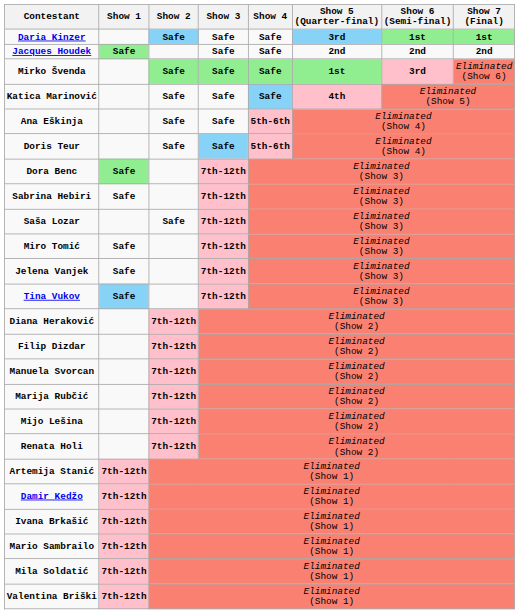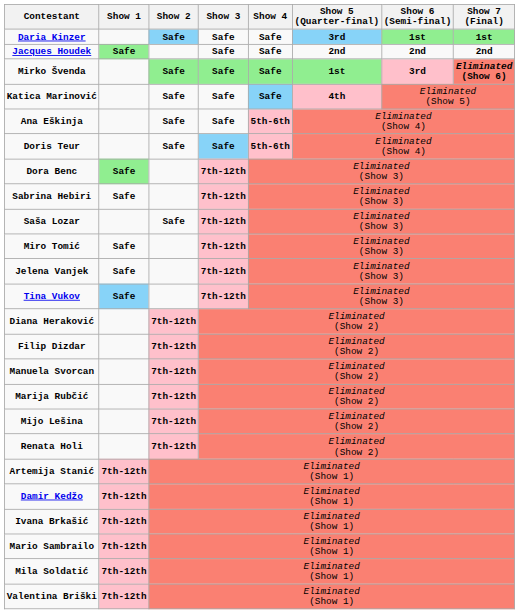 <table class="wikitable" style="text-align:center; font-size:85%">
 <tr>
 <th>Contestant</th>
 <th>Show 1</th>
 <th>Show 2</th>
 <th>Show 3</th>
 <th>Show 4</th>
 <th>Show 5<br>(Quarter-final)</th>
 <th>Show 6<br>(Semi-final)</th>
 <th>Show 7<br>(Final)</th>
 </tr>
 <tr>
 <td><strong><a href='#'>Daria Kinzer</a></strong></td>
 <td></td>
 <td style="background:#87D3F8"><strong>Safe</strong></td>
 <td><strong>Safe</strong></td>
 <td><strong>Safe</strong></td>
 <td style="background:#87D3F8"><strong>3rd</strong></td>
 <td style="background:lightgreen"><strong>1st</strong></td>
 <td style="background:lightgreen"><strong>1st</strong></td>
 </tr>
 <tr>
 <td><strong><a href='#'>Jacques Houdek</a></strong></td>
 <td style="background:lightgreen"><strong>Safe</strong></td>
 <td></td>
 <td><strong>Safe</strong></td>
 <td><strong>Safe</strong></td>
 <td><strong>2nd</strong></td>
 <td><strong>2nd</strong></td>
 <td><strong>2nd</strong></td>
 </tr>
 <tr>
 <td><strong>Mirko Švenda</strong></td>
 <td></td>
 <td style="background:lightgreen"><strong>Safe</strong></td>
 <td style="background:lightgreen"><strong>Safe</strong></td>
 <td style="background:lightgreen"><strong>Safe</strong></td>
 <td style="background:lightgreen"><strong>1st</strong></td>
 <td style="background:pink"><strong>3rd</strong></td>
-<td colspan="1" style="background:#FA8072"><em>Eliminated</em><br>(Show 6)</td>
+<td colspan="1" style="background:#FA8072"><strong><em>Eliminated</em><br>(Show 6)</strong></td>
 </tr>
 <tr>
 <td><strong>Katica Marinović</strong></td>
 <td></td>
 <td><strong>Safe</strong></td>
 <td><strong>Safe</strong></td>
 <td style="background:#87D3F8"><strong>Safe</strong></td>
 <td style="background:pink"><strong>4th</strong></td>
 <td colspan="2" style="background:#FA8072"><em>Eliminated</em><br>(Show 5)</td>
 </tr>
 <tr>
 <td><strong>Ana Eškinja</strong></td>
 <td></td>
 <td><strong>Safe</strong></td>
 <td><strong>Safe</strong></td>
 <td style="background:pink"><strong>5th-6th</strong></td>
 <td colspan="3" style="background:#FA8072"><em>Eliminated</em><br>(Show 4)</td>
 </tr>
 <tr>
 <td><strong>Doris Teur</strong></td>
 <td></td>
 <td><strong>Safe</strong></td>
 <td style="background:#87D3F8"><strong>Safe</strong></td>
 <td style="background:pink"><strong>5th-6th</strong></td>
 <td colspan="3" style="background:#FA8072"><em>Eliminated</em><br>(Show 4)</td>
 </tr>
 <tr>
 <td><strong>Dora Benc</strong></td>
 <td style="background: lightgreen;"><strong>Safe</strong></td>
 <td></td>
 <td style="background:pink"><strong>7th-12th</strong></td>
 <td colspan="4" style="background:#FA8072"><em>Eliminated</em><br>(Show 3)</td>
 </tr>
 <tr>
 <td><strong>Sabrina Hebiri</strong></td>
 <td><strong>Safe</strong></td>
 <td></td>
 <td style="background:pink"><strong>7th-12th</strong></td>
 <td colspan="4" style="background:#FA8072"><em>Eliminated</em><br>(Show 3)</td>
 </tr>
 <tr>
 <td><strong>Saša Lozar</strong></td>
 <td></td>
 <td><strong>Safe</strong></td>
 <td style="background:pink"><strong>7th-12th</strong></td>
 <td colspan="4" style="background:#FA8072"><em>Eliminated</em><br>(Show 3)</td>
 </tr>
 <tr>
 <td><strong>Miro Tomić</strong></td>
 <td><strong>Safe</strong></td>
 <td></td>
 <td style="background:pink"><strong>7th-12th</strong></td>
 <td colspan="4" style="background:#FA8072"><em>Eliminated</em><br>(Show 3)</td>
 </tr>
 <tr>
 <td><strong>Jelena Vanjek</strong></td>
 <td><strong>Safe</strong></td>
 <td></td>
 <td style="background:pink"><strong>7th-12th</strong></td>
 <td colspan="4" style="background:#FA8072"><em>Eliminated</em><br>(Show 3)</td>
 </tr>
 <tr>
 <td><strong><a href='#'>Tina Vukov</a></strong></td>
 <td style="background:#87D3F8"><strong>Safe</strong></td>
 <td></td>
 <td style="background:pink"><strong>7th-12th</strong></td>
 <td colspan="4" style="background:#FA8072"><em>Eliminated</em><br>(Show 3)</td>
 </tr>
 <tr>
 <td><strong>Diana Heraković</strong></td>
 <td></td>
 <td style="background:pink"><strong>7th-12th</strong></td>
 <td colspan="5" style="background:#FA8072"><em>Eliminated</em><br>(Show 2)</td>
 </tr>
 <tr>
 <td><strong>Filip Dizdar</strong></td>
 <td></td>
 <td style="background:pink"><strong>7th-12th</strong></td>
 <td colspan="5" style="background:#FA8072"><em>Eliminated</em><br>(Show 2)</td>
 </tr>
 <tr>
 <td><strong>Manuela Svorcan</strong></td>
 <td></td>
 <td style="background:pink"><strong>7th-12th</strong></td>
 <td colspan="5" style="background:#FA8072"><em>Eliminated</em><br>(Show 2)</td>
 </tr>
 <tr>
 <td><strong>Marija Rubčić</strong></td>
 <td></td>
 <td style="background:pink"><strong>7th-12th</strong></td>
 <td colspan="5" style="background:#FA8072"><em>Eliminated</em><br>(Show 2)</td>
 </tr>
 <tr>
 <td><strong>Mijo Lešina</strong></td>
 <td></td>
 <td style="background:pink"><strong>7th-12th</strong></td>
 <td colspan="5" style="background:#FA8072"><em>Eliminated</em><br>(Show 2)</td>
 </tr>
 <tr>
 <td><strong>Renata Holi</strong></td>
 <td></td>
 <td style="background:pink"><strong>7th-12th</strong></td>
 <td colspan="5" style="background:#FA8072"><em>Eliminated</em><br>(Show 2)</td>
 </tr>
 <tr>
 <td><strong>Artemija Stanić</strong></td>
 <td style="background:pink"><strong>7th-12th</strong></td>
 <td colspan="6" style="background:#FA8072"><em>Eliminated</em><br>(Show 1)</td>
 </tr>
 <tr>
 <td><strong><a href='#'>Damir Kedžo</a></strong></td>
 <td style="background:pink"><strong>7th-12th</strong></td>
 <td colspan="6" style="background:#FA8072"><em>Eliminated</em><br>(Show 1)</td>
 </tr>
 <tr>
 <td><strong>Ivana Brkašić</strong></td>
 <td style="background:pink"><strong>7th-12th</strong></td>
 <td colspan="6" style="background:#FA8072"><em>Eliminated</em><br>(Show 1)</td>
 </tr>
 <tr>
 <td><strong>Mario Sambrailo</strong></td>
 <td style="background:pink"><strong>7th-12th</strong></td>
 <td colspan="6" style="background:#FA8072"><em>Eliminated</em><br>(Show 1)</td>
 </tr>
 <tr>
 <td><strong>Mila Soldatić</strong></td>
 <td style="background:pink"><strong>7th-12th</strong></td>
 <td colspan="6" style="background:#FA8072"><em>Eliminated</em><br>(Show 1)</td>
 </tr>
 <tr>
 <td><strong>Valentina Briški</strong></td>
 <td style="background:pink"><strong>7th-12th</strong></td>
 <td colspan="6" style="background:#FA8072"><em>Eliminated</em><br>(Show 1)</td>
 </tr>
 </table>
